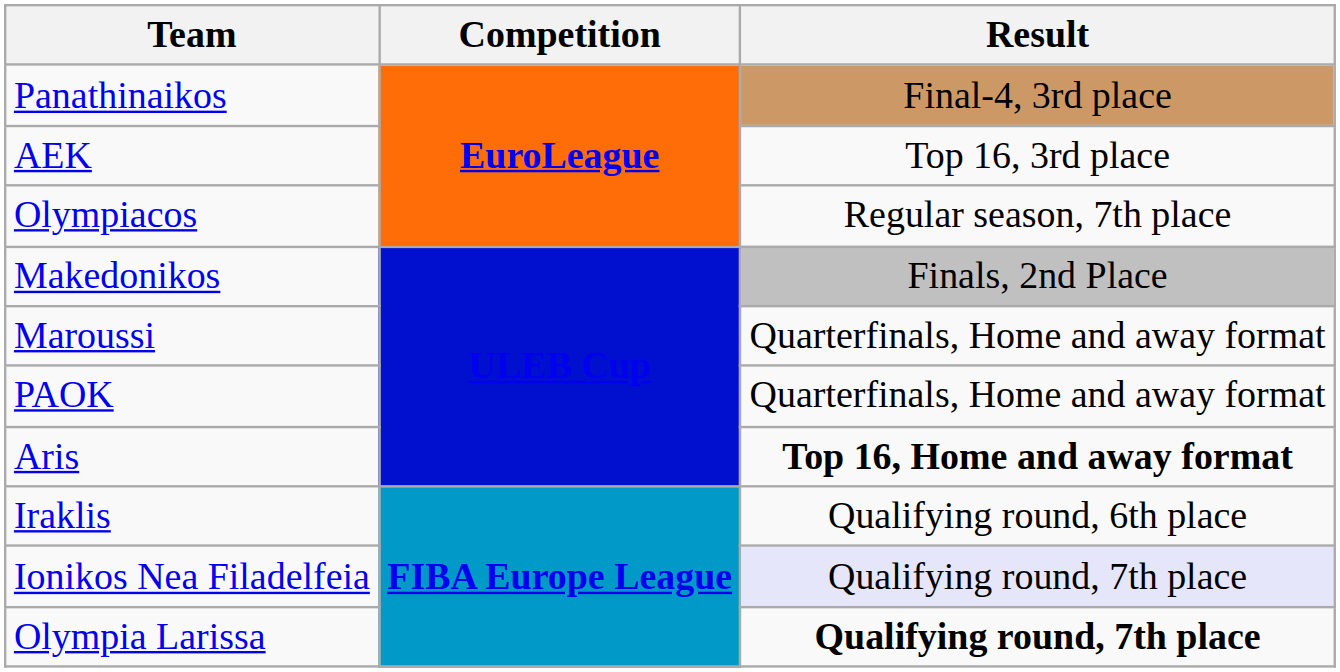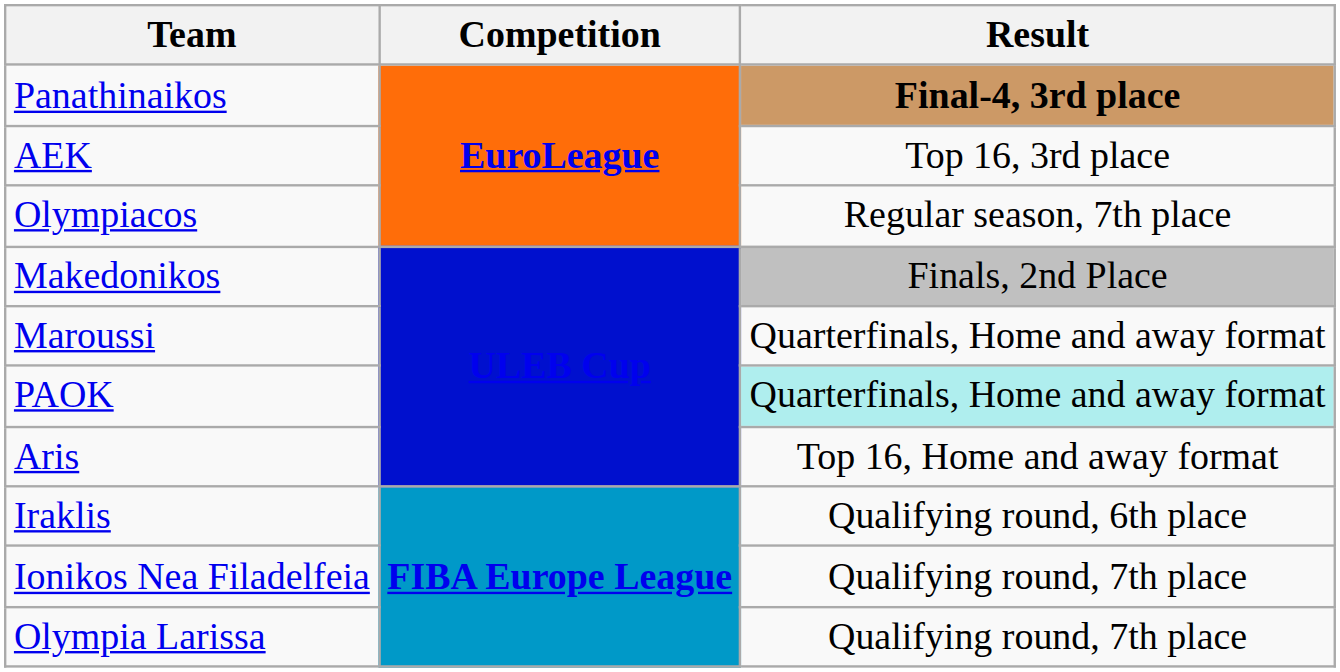 <table class="wikitable sortable">
 <tr>
 <th>Team</th>
 <th>Competition</th>
 <th>Result</th>
 </tr>
 <tr>
 <td><a href='#'>Panathinaikos</a></td>
 <td rowspan="3" style="background:#ff6d09;color:#ffffff;text-align:center"><strong><a href='#'><span>EuroLeague</span></a></strong></td>
-<td style="background-color:#C96;text-align:center">Final-4, 3rd place</td>
+<td style="background-color:#C96;text-align:center"><strong>Final-4, 3rd place</strong></td>
 </tr>
 <tr>
 <td><a href='#'>AEK</a></td>
 <td style="text-align:center">Top 16, 3rd place</td>
 </tr>
 <tr>
 <td><a href='#'>Olympiacos</a></td>
 <td style="text-align:center">Regular season, 7th place</td>
 </tr>
 <tr>
 <td><a href='#'>Makedonikos</a></td>
 <td rowspan="4" style="background-color:#0010CE;color:white;text-align:center"><strong><a href='#'><span>ULEB Cup</span></a></strong></td>
 <td style="background:#C0C0C0;text-align:center">Finals, 2nd Place</td>
 </tr>
 <tr>
 <td><a href='#'>Maroussi</a></td>
 <td style="text-align:center">Quarterfinals, Home and away format</td>
 </tr>
 <tr>
 <td><a href='#'>PAOK</a></td>
-<td style="text-align:center">Quarterfinals, Home and away format</td>
+<td style="background: paleturquoise; text-align:center">Quarterfinals, Home and away format</td>
 </tr>
 <tr>
 <td><a href='#'>Aris</a></td>
-<td style="text-align:center"><strong>Top 16, Home and away format</strong></td>
+<td style="text-align:center">Top 16, Home and away format</td>
 </tr>
 <tr>
 <td><a href='#'>Iraklis</a></td>
 <td rowspan="3" style="background-color:#0099C8;color:white;text-align:center"><strong><a href='#'><span>FIBA Europe League</span></a></strong></td>
 <td style="text-align:center">Qualifying round, 6th place</td>
 </tr>
 <tr>
 <td><a href='#'>Ionikos Nea Filadelfeia</a></td>
-<td style="background: lavender; text-align:center">Qualifying round, 7th place</td>
+<td style="text-align:center">Qualifying round, 7th place</td>
 </tr>
 <tr>
 <td><a href='#'>Olympia Larissa</a></td>
-<td style="text-align:center"><strong>Qualifying round, 7th place</strong></td>
+<td style="text-align:center">Qualifying round, 7th place</td>
 </tr>
 </table>
